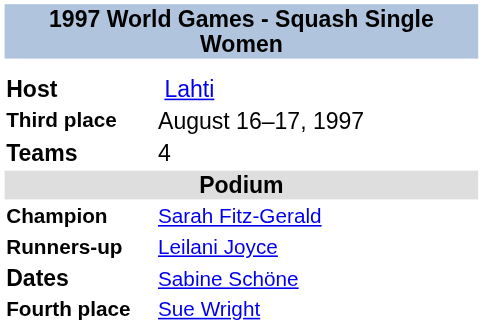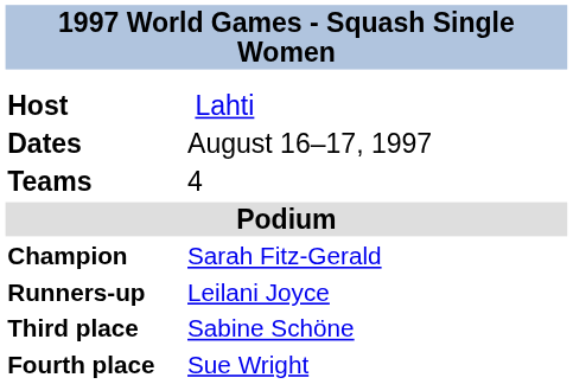 <table class="toccolours" style="float: right; margin: 0 0 1em 1em; font-size: 90%;" width=300px>
 <tr>
 <td colspan="2" style="background: #B0C4DE; text-align: center;" height=30px><strong>1997 World Games -  Squash Single Women</strong></td>
 </tr>
 <tr>
 <td colspan="2" style="text-align: center;"></td>
 </tr>
 <tr style="vertical-align:top;">
 <td colspan=2></td>
 </tr>
 <tr style="vertical-align:top;">
 <td><strong>Host</strong></td>
 <td> <a href='#'>Lahti</a></td>
 </tr>
 <tr style="vertical-align:top;">
-<td style=font-size:90% width=100> <strong>Third place</strong></td>
+<td><strong>Dates</strong></td>
 <td>August 16–17, 1997</td>
 </tr>
 <tr style="vertical-align:top;">
 <td width=90><strong>Teams</strong></td>
 <td>4</td>
 </tr>
 <tr>
 <td colspan="2" style="background: #dedede; text-align: center;"><strong>Podium</strong></td>
 </tr>
 <tr style="vertical-align:top;">
 <td style=font-size:90% width=100> <strong>Champion</strong></td>
 <td style=font-size:90% width=250> <a href='#'>Sarah Fitz-Gerald</a></td>
 </tr>
 <tr>
 <td style=font-size:90% width=100> <strong>Runners-up</strong></td>
 <td style=font-size:90% width=250> <a href='#'>Leilani Joyce</a></td>
 </tr>
 <tr>
-<td><strong>Dates</strong></td>
+<td style=font-size:90% width=100> <strong>Third place</strong></td>
 <td style=font-size:90% width=250> <a href='#'>Sabine Schöne</a></td>
 </tr>
 <tr>
 <td style=font-size:90% width=100><strong>Fourth place</strong></td>
 <td style=font-size:90% width=250> <a href='#'>Sue Wright</a></td>
 </tr>
 </table>
